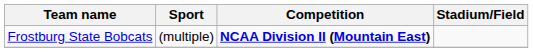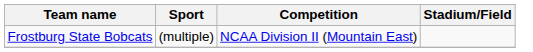 <table class="wikitable sortable">
 <tr>
 <th>Team name</th>
 <th>Sport</th>
 <th>Competition</th>
 <th>Stadium/Field</th>
 </tr>
 <tr>
 <td><a href='#'>Frostburg State Bobcats</a></td>
 <td>(multiple)</td>
-<td><strong><a href='#'>NCAA Division II</a> (<a href='#'>Mountain East</a>)</strong></td>
+<td><a href='#'>NCAA Division II</a> (<a href='#'>Mountain East</a>)</td>
 <td></td>
 </tr>
 <tr>
 </tr>
 </table>
